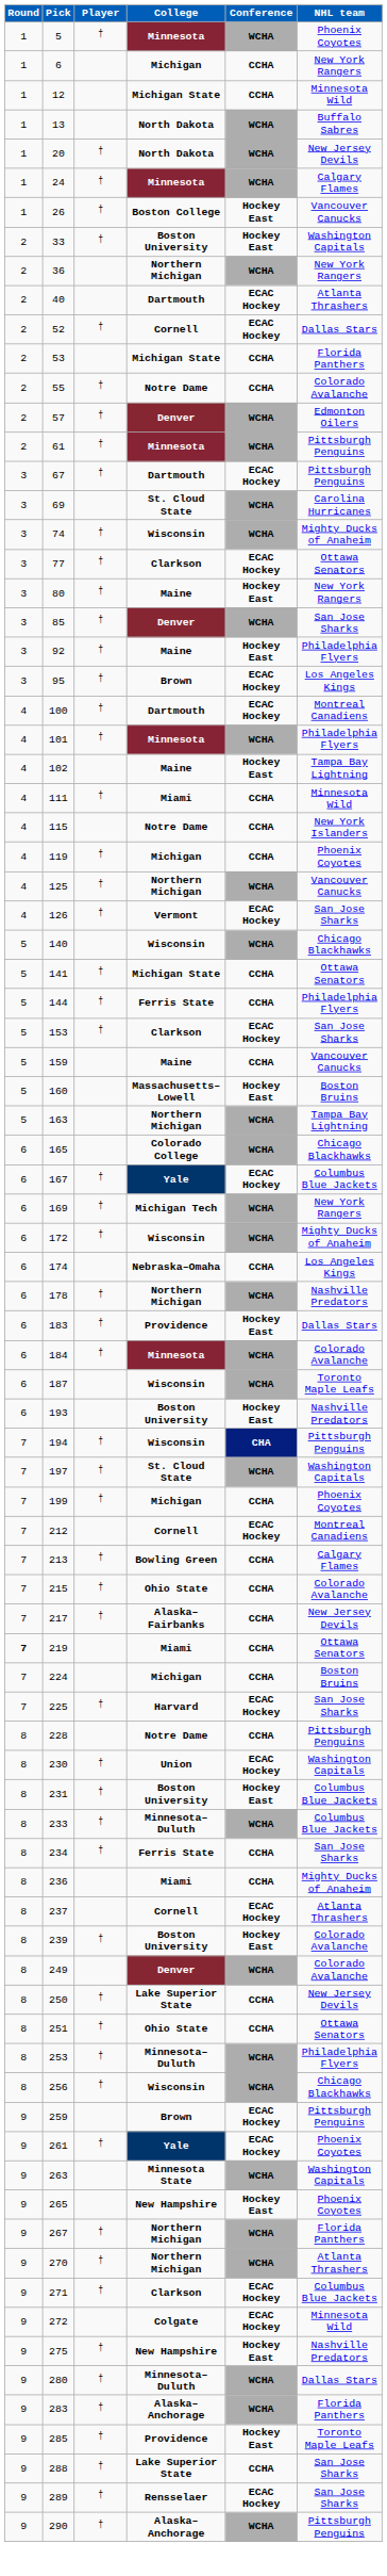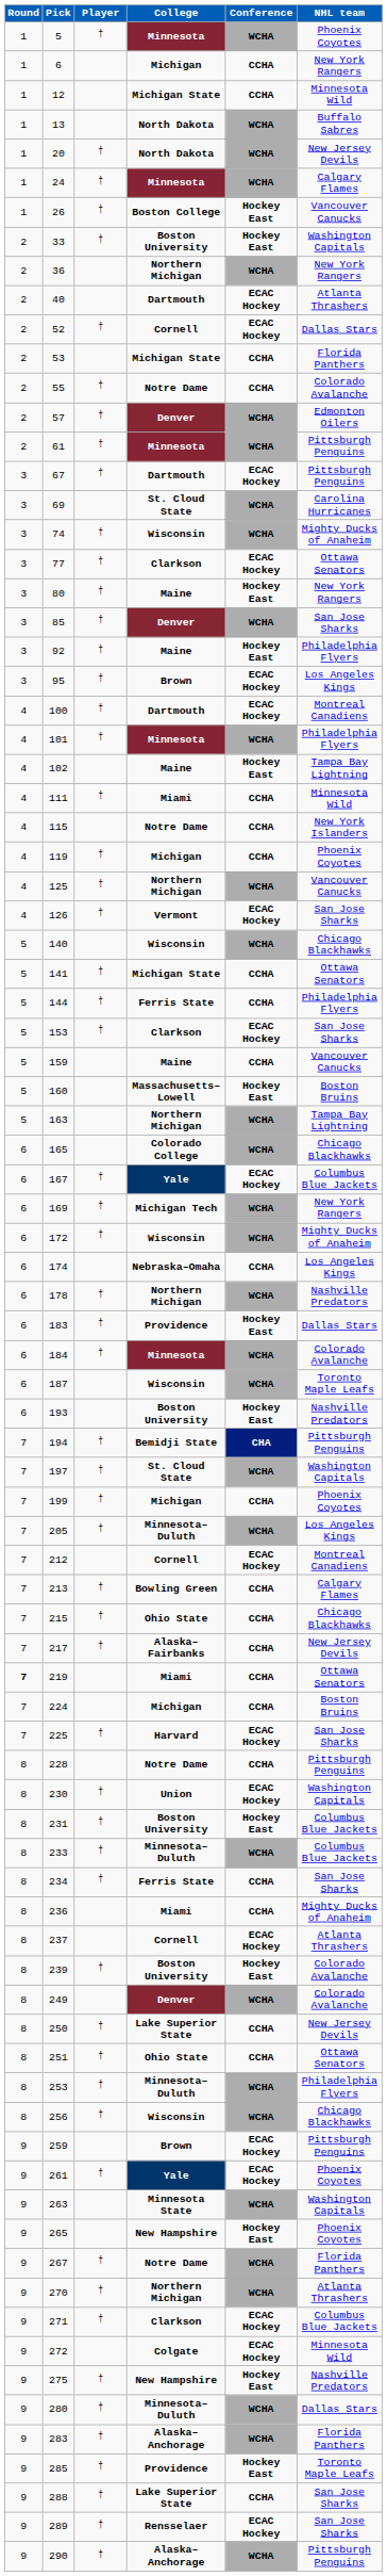 <table class="wikitable sortable" width="75%">
 <tr>
 <th style="color:white; background-color:#005EB8; width: 4em;">Round</th>
 <th style="color:white; background-color:#005EB8; width: 4em;">Pick</th>
 <th style="color:white; background-color:#005EB8; width: 12em;">Player</th>
 <th style="color:white; background-color:#005EB8; width: 13em;">College</th>
 <th style="color:white; background-color:#005EB8; width: 9em;">Conference</th>
 <th style="color:white; background-color:#005EB8; width: 11em;">NHL team</th>
 </tr>
 <tr align="center" bgcolor="">
 <td>1</td>
 <td>5</td>
 <td> <sup>†</sup></td>
 <td style="color:white; background:#862334; "><strong>Minnesota</strong></td>
 <td style="color:black; background:#ADADAD; "><strong>WCHA</strong></td>
 <td><a href='#'>Phoenix Coyotes</a></td>
 </tr>
 <tr align="center" bgcolor="">
 <td>1</td>
 <td>6</td>
 <td></td>
 <td><strong>Michigan</strong></td>
 <td><strong>CCHA</strong></td>
 <td><a href='#'>New York Rangers</a></td>
 </tr>
 <tr align="center" bgcolor="">
 <td>1</td>
 <td>12</td>
 <td></td>
 <td><strong>Michigan State</strong></td>
 <td><strong>CCHA</strong></td>
 <td><a href='#'>Minnesota Wild</a></td>
 </tr>
 <tr align="center" bgcolor="">
 <td>1</td>
 <td>13</td>
 <td></td>
 <td><strong>North Dakota</strong></td>
 <td style="color:black; background:#ADADAD; "><strong>WCHA</strong></td>
 <td><a href='#'>Buffalo Sabres</a></td>
 </tr>
 <tr align="center" bgcolor="">
 <td>1</td>
 <td>20</td>
 <td> <sup>†</sup></td>
 <td><strong>North Dakota</strong></td>
 <td style="color:black; background:#ADADAD; "><strong>WCHA</strong></td>
 <td><a href='#'>New Jersey Devils</a></td>
 </tr>
 <tr align="center" bgcolor="">
 <td>1</td>
 <td>24</td>
 <td> <sup>†</sup></td>
 <td style="color:white; background:#862334; "><strong>Minnesota</strong></td>
 <td style="color:black; background:#ADADAD; "><strong>WCHA</strong></td>
 <td><a href='#'>Calgary Flames</a></td>
 </tr>
 <tr align="center" bgcolor="">
 <td>1</td>
 <td>26</td>
 <td> <sup>†</sup></td>
 <td><strong>Boston College</strong></td>
 <td><strong>Hockey East</strong></td>
 <td><a href='#'>Vancouver Canucks</a></td>
 </tr>
 <tr align="center" bgcolor="">
 <td>2</td>
 <td>33</td>
 <td> <sup>†</sup></td>
 <td><strong>Boston University</strong></td>
 <td><strong>Hockey East</strong></td>
 <td><a href='#'>Washington Capitals</a></td>
 </tr>
 <tr align="center" bgcolor="">
 <td>2</td>
 <td>36</td>
 <td></td>
 <td><strong>Northern Michigan</strong></td>
 <td style="color:black; background:#ADADAD; "><strong>WCHA</strong></td>
 <td><a href='#'>New York Rangers</a></td>
 </tr>
 <tr align="center" bgcolor="">
 <td>2</td>
 <td>40</td>
 <td></td>
 <td><strong>Dartmouth</strong></td>
 <td><strong>ECAC Hockey</strong></td>
 <td><a href='#'>Atlanta Thrashers</a></td>
 </tr>
 <tr align="center" bgcolor="">
 <td>2</td>
 <td>52</td>
 <td> <sup>†</sup></td>
 <td><strong>Cornell</strong></td>
 <td><strong>ECAC Hockey</strong></td>
 <td><a href='#'>Dallas Stars</a></td>
 </tr>
 <tr align="center" bgcolor="">
 <td>2</td>
 <td>53</td>
 <td></td>
 <td><strong>Michigan State</strong></td>
 <td><strong>CCHA</strong></td>
 <td><a href='#'>Florida Panthers</a></td>
 </tr>
 <tr align="center" bgcolor="">
 <td>2</td>
 <td>55</td>
 <td> <sup>†</sup></td>
 <td><strong>Notre Dame</strong></td>
 <td><strong>CCHA</strong></td>
 <td><a href='#'>Colorado Avalanche</a></td>
 </tr>
 <tr align="center" bgcolor="">
 <td>2</td>
 <td>57</td>
 <td> <sup>†</sup></td>
 <td style="color:white; background:#862633; "><strong>Denver</strong></td>
 <td style="color:black; background:#ADADAD; "><strong>WCHA</strong></td>
 <td><a href='#'>Edmonton Oilers</a></td>
 </tr>
 <tr align="center" bgcolor="">
 <td>2</td>
 <td>61</td>
 <td> <sup>†</sup></td>
 <td style="color:white; background:#862334; "><strong>Minnesota</strong></td>
 <td style="color:black; background:#ADADAD; "><strong>WCHA</strong></td>
 <td><a href='#'>Pittsburgh Penguins</a></td>
 </tr>
 <tr align="center" bgcolor="">
 <td>3</td>
 <td>67</td>
 <td> <sup>†</sup></td>
 <td><strong>Dartmouth</strong></td>
 <td><strong>ECAC Hockey</strong></td>
 <td><a href='#'>Pittsburgh Penguins</a></td>
 </tr>
 <tr align="center" bgcolor="">
 <td>3</td>
 <td>69</td>
 <td></td>
 <td><strong>St. Cloud State</strong></td>
 <td style="color:black; background:#ADADAD; "><strong>WCHA</strong></td>
 <td><a href='#'>Carolina Hurricanes</a></td>
 </tr>
 <tr align="center" bgcolor="">
 <td>3</td>
 <td>74</td>
 <td> <sup>†</sup></td>
 <td><strong>Wisconsin</strong></td>
 <td style="color:black; background:#ADADAD; "><strong>WCHA</strong></td>
 <td><a href='#'>Mighty Ducks of Anaheim</a></td>
 </tr>
 <tr align="center" bgcolor="">
 <td>3</td>
 <td>77</td>
 <td> <sup>†</sup></td>
 <td><strong>Clarkson</strong></td>
 <td><strong>ECAC Hockey</strong></td>
 <td><a href='#'>Ottawa Senators</a></td>
 </tr>
 <tr align="center" bgcolor="">
 <td>3</td>
 <td>80</td>
 <td> <sup>†</sup></td>
 <td><strong>Maine</strong></td>
 <td><strong>Hockey East</strong></td>
 <td><a href='#'>New York Rangers</a></td>
 </tr>
 <tr align="center" bgcolor="">
 <td>3</td>
 <td>85</td>
 <td> <sup>†</sup></td>
 <td style="color:white; background:#862633; "><strong>Denver</strong></td>
 <td style="color:black; background:#ADADAD; "><strong>WCHA</strong></td>
 <td><a href='#'>San Jose Sharks</a></td>
 </tr>
 <tr align="center" bgcolor="">
 <td>3</td>
 <td>92</td>
 <td> <sup>†</sup></td>
 <td><strong>Maine</strong></td>
 <td><strong>Hockey East</strong></td>
 <td><a href='#'>Philadelphia Flyers</a></td>
 </tr>
 <tr align="center" bgcolor="">
 <td>3</td>
 <td>95</td>
 <td> <sup>†</sup></td>
 <td><strong>Brown</strong></td>
 <td><strong>ECAC Hockey</strong></td>
 <td><a href='#'>Los Angeles Kings</a></td>
 </tr>
 <tr align="center" bgcolor="">
 <td>4</td>
 <td>100</td>
 <td> <sup>†</sup></td>
 <td><strong>Dartmouth</strong></td>
 <td><strong>ECAC Hockey</strong></td>
 <td><a href='#'>Montreal Canadiens</a></td>
 </tr>
 <tr align="center" bgcolor="">
 <td>4</td>
 <td>101</td>
 <td> <sup>†</sup></td>
 <td style="color:white; background:#862334; "><strong>Minnesota</strong></td>
 <td style="color:black; background:#ADADAD; "><strong>WCHA</strong></td>
 <td><a href='#'>Philadelphia Flyers</a></td>
 </tr>
 <tr align="center" bgcolor="">
 <td>4</td>
 <td>102</td>
 <td></td>
 <td><strong>Maine</strong></td>
 <td><strong>Hockey East</strong></td>
 <td><a href='#'>Tampa Bay Lightning</a></td>
 </tr>
 <tr align="center" bgcolor="">
 <td>4</td>
 <td>111</td>
 <td> <sup>†</sup></td>
 <td><strong>Miami</strong></td>
 <td><strong>CCHA</strong></td>
 <td><a href='#'>Minnesota Wild</a></td>
 </tr>
 <tr align="center" bgcolor="">
 <td>4</td>
 <td>115</td>
 <td></td>
 <td><strong>Notre Dame</strong></td>
 <td><strong>CCHA</strong></td>
 <td><a href='#'>New York Islanders</a></td>
 </tr>
 <tr align="center" bgcolor="">
 <td>4</td>
 <td>119</td>
 <td> <sup>†</sup></td>
 <td><strong>Michigan</strong></td>
 <td><strong>CCHA</strong></td>
 <td><a href='#'>Phoenix Coyotes</a></td>
 </tr>
 <tr align="center" bgcolor="">
 <td>4</td>
 <td>125</td>
 <td> <sup>†</sup></td>
 <td><strong>Northern Michigan</strong></td>
 <td style="color:black; background:#ADADAD; "><strong>WCHA</strong></td>
 <td><a href='#'>Vancouver Canucks</a></td>
 </tr>
 <tr align="center" bgcolor="">
 <td>4</td>
 <td>126</td>
 <td> <sup>†</sup></td>
 <td><strong>Vermont</strong></td>
 <td><strong>ECAC Hockey</strong></td>
 <td><a href='#'>San Jose Sharks</a></td>
 </tr>
 <tr align="center" bgcolor="">
 <td>5</td>
 <td>140</td>
 <td></td>
 <td><strong>Wisconsin</strong></td>
 <td style="color:black; background:#ADADAD; "><strong>WCHA</strong></td>
 <td><a href='#'>Chicago Blackhawks</a></td>
 </tr>
 <tr align="center" bgcolor="">
 <td>5</td>
 <td>141</td>
 <td> <sup>†</sup></td>
 <td><strong>Michigan State</strong></td>
 <td><strong>CCHA</strong></td>
 <td><a href='#'>Ottawa Senators</a></td>
 </tr>
 <tr align="center" bgcolor="">
 <td>5</td>
 <td>144</td>
 <td> <sup>†</sup></td>
 <td><strong>Ferris State</strong></td>
 <td><strong>CCHA</strong></td>
 <td><a href='#'>Philadelphia Flyers</a></td>
 </tr>
 <tr align="center" bgcolor="">
 <td>5</td>
 <td>153</td>
 <td> <sup>†</sup></td>
 <td><strong>Clarkson</strong></td>
 <td><strong>ECAC Hockey</strong></td>
 <td><a href='#'>San Jose Sharks</a></td>
 </tr>
 <tr align="center" bgcolor="">
 <td>5</td>
 <td>159</td>
 <td></td>
 <td><strong>Maine</strong></td>
 <td><strong>CCHA</strong></td>
 <td><a href='#'>Vancouver Canucks</a></td>
 </tr>
 <tr align="center" bgcolor="">
 <td>5</td>
 <td>160</td>
 <td></td>
 <td><strong>Massachusetts–Lowell</strong></td>
 <td><strong>Hockey East</strong></td>
 <td><a href='#'>Boston Bruins</a></td>
 </tr>
 <tr align="center" bgcolor="">
 <td>5</td>
 <td>163</td>
 <td></td>
 <td><strong>Northern Michigan</strong></td>
 <td style="color:black; background:#ADADAD; "><strong>WCHA</strong></td>
 <td><a href='#'>Tampa Bay Lightning</a></td>
 </tr>
 <tr align="center" bgcolor="">
 <td>6</td>
 <td>165</td>
 <td></td>
 <td><strong>Colorado College</strong></td>
 <td style="color:black; background:#ADADAD; "><strong>WCHA</strong></td>
 <td><a href='#'>Chicago Blackhawks</a></td>
 </tr>
 <tr align="center" bgcolor="">
 <td>6</td>
 <td>167</td>
 <td> <sup>†</sup></td>
 <td style="color:white; background:#00356B"><strong>Yale</strong></td>
 <td><strong>ECAC Hockey</strong></td>
 <td><a href='#'>Columbus Blue Jackets</a></td>
 </tr>
 <tr align="center" bgcolor="">
 <td>6</td>
 <td>169</td>
 <td> <sup>†</sup></td>
 <td><strong>Michigan Tech</strong></td>
 <td style="color:black; background:#ADADAD; "><strong>WCHA</strong></td>
 <td><a href='#'>New York Rangers</a></td>
 </tr>
 <tr align="center" bgcolor="">
 <td>6</td>
 <td>172</td>
 <td> <sup>†</sup></td>
 <td><strong>Wisconsin</strong></td>
 <td style="color:black; background:#ADADAD; "><strong>WCHA</strong></td>
 <td><a href='#'>Mighty Ducks of Anaheim</a></td>
 </tr>
 <tr align="center" bgcolor="">
 <td>6</td>
 <td>174</td>
 <td></td>
 <td><strong>Nebraska–Omaha</strong></td>
 <td><strong>CCHA</strong></td>
 <td><a href='#'>Los Angeles Kings</a></td>
 </tr>
 <tr align="center" bgcolor="">
 <td>6</td>
 <td>178</td>
 <td> <sup>†</sup></td>
 <td><strong>Northern Michigan</strong></td>
 <td style="color:black; background:#ADADAD; "><strong>WCHA</strong></td>
 <td><a href='#'>Nashville Predators</a></td>
 </tr>
 <tr align="center" bgcolor="">
 <td>6</td>
 <td>183</td>
 <td> <sup>†</sup></td>
 <td><strong>Providence</strong></td>
 <td><strong>Hockey East</strong></td>
 <td><a href='#'>Dallas Stars</a></td>
 </tr>
 <tr align="center" bgcolor="">
 <td>6</td>
 <td>184</td>
 <td> <sup>†</sup></td>
 <td style="color:white; background:#862334; "><strong>Minnesota</strong></td>
 <td style="color:black; background:#ADADAD; "><strong>WCHA</strong></td>
 <td><a href='#'>Colorado Avalanche</a></td>
 </tr>
 <tr align="center" bgcolor="">
 <td>6</td>
 <td>187</td>
 <td></td>
 <td><strong>Wisconsin</strong></td>
 <td style="color:black; background:#ADADAD; "><strong>WCHA</strong></td>
 <td><a href='#'>Toronto Maple Leafs</a></td>
 </tr>
 <tr align="center" bgcolor="">
 <td>6</td>
 <td>193</td>
 <td></td>
 <td><strong>Boston University</strong></td>
 <td><strong>Hockey East</strong></td>
 <td><a href='#'>Nashville Predators</a></td>
 </tr>
 <tr align="center" bgcolor="">
 <td>7</td>
 <td>194</td>
 <td> <sup>†</sup></td>
-<td><strong>Wisconsin</strong></td>
+<td><strong>Bemidji State</strong></td>
 <td style="color:white; background:#031e7e; "><strong>CHA</strong></td>
 <td><a href='#'>Pittsburgh Penguins</a></td>
 </tr>
 <tr align="center" bgcolor="">
 <td>7</td>
 <td>197</td>
 <td> <sup>†</sup></td>
 <td><strong>St. Cloud State</strong></td>
 <td style="color:black; background:#ADADAD; "><strong>WCHA</strong></td>
 <td><a href='#'>Washington Capitals</a></td>
 </tr>
 <tr align="center" bgcolor="">
 <td>7</td>
 <td>199</td>
 <td> <sup>†</sup></td>
 <td><strong>Michigan</strong></td>
 <td><strong>CCHA</strong></td>
 <td><a href='#'>Phoenix Coyotes</a></td>
+</tr>
+<tr align="center" bgcolor="">
+<td>7</td>
+<td>205</td>
+<td> <sup>†</sup></td>
+<td><strong>Minnesota–Duluth</strong></td>
+<td style="color:black; background:#ADADAD; "><strong>WCHA</strong></td>
+<td><a href='#'>Los Angeles Kings</a></td>
 </tr>
 <tr align="center" bgcolor="">
 <td>7</td>
 <td>212</td>
 <td></td>
 <td><strong>Cornell</strong></td>
 <td><strong>ECAC Hockey</strong></td>
 <td><a href='#'>Montreal Canadiens</a></td>
 </tr>
 <tr align="center" bgcolor="">
 <td>7</td>
 <td>213</td>
 <td> <sup>†</sup></td>
 <td><strong>Bowling Green</strong></td>
 <td><strong>CCHA</strong></td>
 <td><a href='#'>Calgary Flames</a></td>
 </tr>
 <tr align="center" bgcolor="">
 <td>7</td>
 <td>215</td>
 <td> <sup>†</sup></td>
 <td><strong>Ohio State</strong></td>
 <td><strong>CCHA</strong></td>
-<td><a href='#'>Colorado Avalanche</a></td>
+<td><a href='#'>Chicago Blackhawks</a></td>
 </tr>
 <tr align="center" bgcolor="">
 <td>7</td>
 <td>217</td>
 <td> <sup>†</sup></td>
 <td><strong>Alaska–Fairbanks</strong></td>
 <td><strong>CCHA</strong></td>
 <td><a href='#'>New Jersey Devils</a></td>
 </tr>
 <tr align="center" bgcolor="">
 <td><strong>7</strong></td>
 <td>219</td>
 <td></td>
 <td><strong>Miami</strong></td>
 <td><strong>CCHA</strong></td>
 <td><a href='#'>Ottawa Senators</a></td>
 </tr>
 <tr align="center" bgcolor="">
 <td>7</td>
 <td>224</td>
 <td></td>
 <td><strong>Michigan</strong></td>
 <td><strong>CCHA</strong></td>
 <td><a href='#'>Boston Bruins</a></td>
 </tr>
 <tr align="center" bgcolor="">
 <td>7</td>
 <td>225</td>
 <td> <sup>†</sup></td>
 <td><strong>Harvard</strong></td>
 <td><strong>ECAC Hockey</strong></td>
 <td><a href='#'>San Jose Sharks</a></td>
 </tr>
 <tr align="center" bgcolor="">
 <td>8</td>
 <td>228</td>
 <td></td>
 <td><strong>Notre Dame</strong></td>
 <td><strong>CCHA</strong></td>
 <td><a href='#'>Pittsburgh Penguins</a></td>
 </tr>
 <tr align="center" bgcolor="">
 <td>8</td>
 <td>230</td>
 <td> <sup>†</sup></td>
 <td><strong>Union</strong></td>
 <td><strong>ECAC Hockey</strong></td>
 <td><a href='#'>Washington Capitals</a></td>
 </tr>
 <tr align="center" bgcolor="">
 <td>8</td>
 <td>231</td>
 <td> <sup>†</sup></td>
 <td><strong>Boston University</strong></td>
 <td><strong>Hockey East</strong></td>
 <td><a href='#'>Columbus Blue Jackets</a></td>
 </tr>
 <tr align="center" bgcolor="">
 <td>8</td>
 <td>233</td>
 <td> <sup>†</sup></td>
 <td><strong>Minnesota–Duluth</strong></td>
 <td style="color:black; background:#ADADAD; "><strong>WCHA</strong></td>
 <td><a href='#'>Columbus Blue Jackets</a></td>
 </tr>
 <tr align="center" bgcolor="">
 <td>8</td>
 <td>234</td>
 <td> <sup>†</sup></td>
 <td><strong>Ferris State</strong></td>
 <td><strong>CCHA</strong></td>
 <td><a href='#'>San Jose Sharks</a></td>
 </tr>
 <tr align="center" bgcolor="">
 <td>8</td>
 <td>236</td>
 <td></td>
 <td><strong>Miami</strong></td>
 <td><strong>CCHA</strong></td>
 <td><a href='#'>Mighty Ducks of Anaheim</a></td>
 </tr>
 <tr align="center" bgcolor="">
 <td>8</td>
 <td>237</td>
 <td></td>
 <td><strong>Cornell</strong></td>
 <td><strong>ECAC Hockey</strong></td>
 <td><a href='#'>Atlanta Thrashers</a></td>
 </tr>
 <tr align="center" bgcolor="">
 <td>8</td>
 <td>239</td>
 <td> <sup>†</sup></td>
 <td><strong>Boston University</strong></td>
 <td><strong>Hockey East</strong></td>
 <td><a href='#'>Colorado Avalanche</a></td>
 </tr>
 <tr align="center" bgcolor="">
 <td>8</td>
 <td>249</td>
 <td></td>
 <td style="color:white; background:#862633; "><strong>Denver</strong></td>
 <td style="color:black; background:#ADADAD; "><strong>WCHA</strong></td>
 <td><a href='#'>Colorado Avalanche</a></td>
 </tr>
 <tr align="center" bgcolor="">
 <td>8</td>
 <td>250</td>
 <td> <sup>†</sup></td>
 <td><strong>Lake Superior State</strong></td>
 <td><strong>CCHA</strong></td>
 <td><a href='#'>New Jersey Devils</a></td>
 </tr>
 <tr align="center" bgcolor="">
 <td>8</td>
 <td>251</td>
 <td> <sup>†</sup></td>
 <td><strong>Ohio State</strong></td>
 <td><strong>CCHA</strong></td>
 <td><a href='#'>Ottawa Senators</a></td>
 </tr>
 <tr align="center" bgcolor="">
 <td>8</td>
 <td>253</td>
 <td> <sup>†</sup></td>
 <td><strong>Minnesota–Duluth</strong></td>
 <td style="color:black; background:#ADADAD; "><strong>WCHA</strong></td>
 <td><a href='#'>Philadelphia Flyers</a></td>
 </tr>
 <tr align="center" bgcolor="">
 <td>8</td>
 <td>256</td>
 <td> <sup>†</sup></td>
 <td><strong>Wisconsin</strong></td>
 <td style="color:black; background:#ADADAD; "><strong>WCHA</strong></td>
 <td><a href='#'>Chicago Blackhawks</a></td>
 </tr>
 <tr align="center" bgcolor="">
 <td>9</td>
 <td>259</td>
 <td></td>
 <td><strong>Brown</strong></td>
 <td><strong>ECAC Hockey</strong></td>
 <td><a href='#'>Pittsburgh Penguins</a></td>
 </tr>
 <tr align="center" bgcolor="">
 <td>9</td>
 <td>261</td>
 <td> <sup>†</sup></td>
 <td style="color:white; background:#00356B"><strong>Yale</strong></td>
 <td><strong>ECAC Hockey</strong></td>
 <td><a href='#'>Phoenix Coyotes</a></td>
 </tr>
 <tr align="center" bgcolor="">
 <td>9</td>
 <td>263</td>
 <td></td>
 <td><strong>Minnesota State</strong></td>
 <td style="color:black; background:#ADADAD; "><strong>WCHA</strong></td>
 <td><a href='#'>Washington Capitals</a></td>
 </tr>
 <tr align="center" bgcolor="">
 <td>9</td>
 <td>265</td>
 <td></td>
 <td><strong>New Hampshire</strong></td>
 <td><strong>Hockey East</strong></td>
 <td><a href='#'>Phoenix Coyotes</a></td>
 </tr>
 <tr align="center" bgcolor="">
 <td>9</td>
 <td>267</td>
 <td> <sup>†</sup></td>
-<td><strong>Northern Michigan</strong></td>
+<td><strong>Notre Dame</strong></td>
 <td style="color:black; background:#ADADAD; "><strong>WCHA</strong></td>
 <td><a href='#'>Florida Panthers</a></td>
 </tr>
 <tr align="center" bgcolor="">
 <td>9</td>
 <td>270</td>
 <td> <sup>†</sup></td>
 <td><strong>Northern Michigan</strong></td>
 <td style="color:black; background:#ADADAD; "><strong>WCHA</strong></td>
 <td><a href='#'>Atlanta Thrashers</a></td>
 </tr>
 <tr align="center" bgcolor="">
 <td>9</td>
 <td>271</td>
 <td> <sup>†</sup></td>
 <td><strong>Clarkson</strong></td>
 <td><strong>ECAC Hockey</strong></td>
 <td><a href='#'>Columbus Blue Jackets</a></td>
 </tr>
 <tr align="center" bgcolor="">
 <td>9</td>
 <td>272</td>
 <td></td>
 <td><strong>Colgate</strong></td>
 <td><strong>ECAC Hockey</strong></td>
 <td><a href='#'>Minnesota Wild</a></td>
 </tr>
 <tr align="center" bgcolor="">
 <td>9</td>
 <td>275</td>
 <td> <sup>†</sup></td>
 <td><strong>New Hampshire</strong></td>
 <td><strong>Hockey East</strong></td>
 <td><a href='#'>Nashville Predators</a></td>
 </tr>
 <tr align="center" bgcolor="">
 <td>9</td>
 <td>280</td>
 <td> <sup>†</sup></td>
 <td><strong>Minnesota–Duluth</strong></td>
 <td style="color:black; background:#ADADAD; "><strong>WCHA</strong></td>
 <td><a href='#'>Dallas Stars</a></td>
 </tr>
 <tr align="center" bgcolor="">
 <td>9</td>
 <td>283</td>
 <td> <sup>†</sup></td>
 <td><strong>Alaska–Anchorage</strong></td>
 <td style="color:black; background:#ADADAD; "><strong>WCHA</strong></td>
 <td><a href='#'>Florida Panthers</a></td>
 </tr>
 <tr align="center" bgcolor="">
 <td>9</td>
 <td>285</td>
 <td> <sup>†</sup></td>
 <td><strong>Providence</strong></td>
 <td><strong>Hockey East</strong></td>
 <td><a href='#'>Toronto Maple Leafs</a></td>
 </tr>
 <tr align="center" bgcolor="">
 <td>9</td>
 <td>288</td>
 <td> <sup>†</sup></td>
 <td><strong>Lake Superior State</strong></td>
 <td><strong>CCHA</strong></td>
 <td><a href='#'>San Jose Sharks</a></td>
 </tr>
 <tr align="center" bgcolor="">
 <td>9</td>
 <td>289</td>
 <td> <sup>†</sup></td>
 <td><strong>Rensselaer</strong></td>
 <td><strong>ECAC Hockey</strong></td>
 <td><a href='#'>San Jose Sharks</a></td>
 </tr>
 <tr align="center" bgcolor="">
 <td>9</td>
 <td>290</td>
 <td> <sup>†</sup></td>
 <td><strong>Alaska–Anchorage</strong></td>
 <td style="color:black; background:#ADADAD; "><strong>WCHA</strong></td>
 <td><a href='#'>Pittsburgh Penguins</a></td>
 </tr>
 </table>
